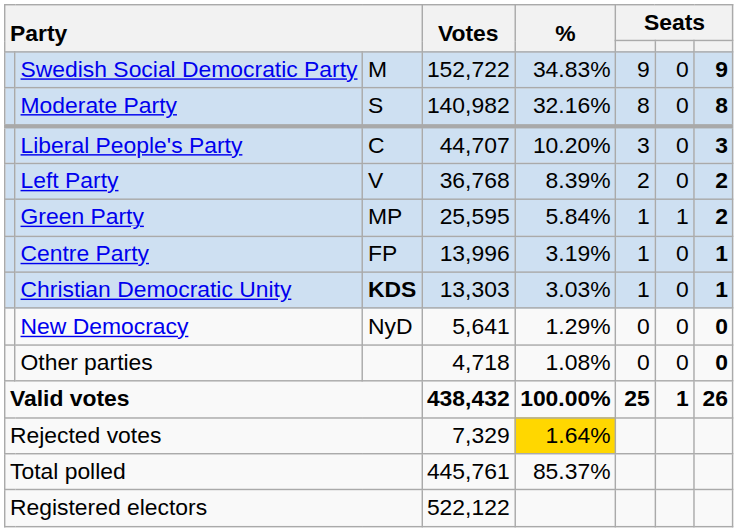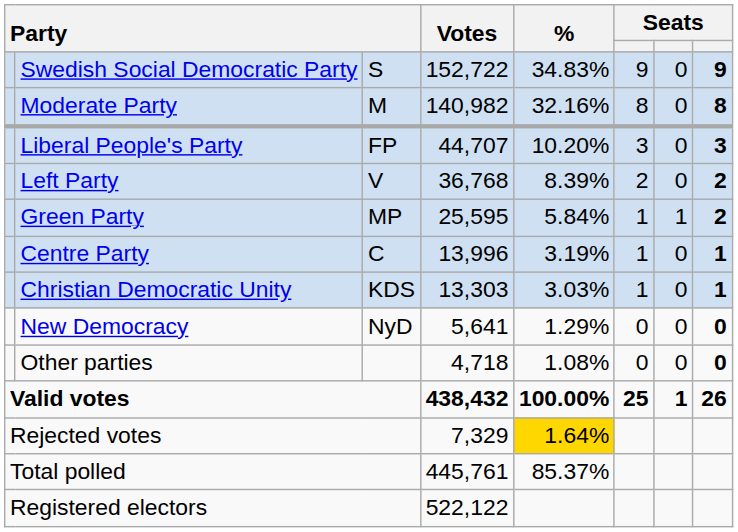 <table class="wikitable" border="1" style="text-align:right;">
 <tr>
 <th style="text-align:left;" valign=bottom rowspan=2 colspan=3>Party</th>
 <th align=center valign=bottom rowspan=2 width="50">Votes</th>
 <th align=center valign=bottom rowspan=2 width="50">%</th>
 <th colspan=3>Seats</th>
 </tr>
 <tr>
 <th align=center valign=bottom width="20"><small></small></th>
 <th align=center valign=bottom width="20"><small><a href='#'></a></small></th>
 <th align=center valign=bottom width="20"><small></small></th>
 </tr>
 <tr style="background:#CEE0F2;">
 <td></td>
 <td align=left style="white-space: nowrap;"><a href='#'>Swedish Social Democratic Party</a></td>
-<td align=left>M</td>
+<td align=left>S</td>
 <td>152,722</td>
 <td>34.83%</td>
 <td>9</td>
 <td>0</td>
 <td><strong>9</strong></td>
 </tr>
 <tr style="background:#CEE0F2;">
 <td></td>
 <td align=left><a href='#'>Moderate Party</a></td>
-<td align=left>S</td>
+<td align=left>M</td>
 <td>140,982</td>
 <td>32.16%</td>
 <td>8</td>
 <td>0</td>
 <td><strong>8</strong></td>
 </tr>
 <tr style="background:#CEE0F2; border-top:3px solid darkgray;">
 <td></td>
 <td align=left><a href='#'>Liberal People's Party</a></td>
-<td align=left>C</td>
+<td align=left>FP</td>
 <td>44,707</td>
 <td>10.20%</td>
 <td>3</td>
 <td>0</td>
 <td><strong>3</strong></td>
 </tr>
 <tr style="background:#CEE0F2;">
 <td></td>
 <td align=left><a href='#'>Left Party</a></td>
 <td align=left>V</td>
 <td>36,768</td>
 <td>8.39%</td>
 <td>2</td>
 <td>0</td>
 <td><strong>2</strong></td>
 </tr>
 <tr style="background:#CEE0F2;">
 <td></td>
 <td align=left><a href='#'>Green Party</a></td>
 <td align=left>MP</td>
 <td>25,595</td>
 <td>5.84%</td>
 <td>1</td>
 <td>1</td>
 <td><strong>2</strong></td>
 </tr>
 <tr style="background:#CEE0F2;">
 <td></td>
 <td align=left><a href='#'>Centre Party</a></td>
-<td align=left>FP</td>
+<td align=left>C</td>
 <td>13,996</td>
 <td>3.19%</td>
 <td>1</td>
 <td>0</td>
 <td><strong>1</strong></td>
 </tr>
 <tr style="background:#CEE0F2;">
 <td></td>
 <td align=left><a href='#'>Christian Democratic Unity</a></td>
-<td align=left><strong>KDS</strong></td>
+<td align=left>KDS</td>
 <td>13,303</td>
 <td>3.03%</td>
 <td>1</td>
 <td>0</td>
 <td><strong>1</strong></td>
 </tr>
 <tr>
 <td></td>
 <td align=left><a href='#'>New Democracy</a></td>
 <td align=left>NyD</td>
 <td>5,641</td>
 <td>1.29%</td>
 <td>0</td>
 <td>0</td>
 <td><strong>0</strong></td>
 </tr>
 <tr>
 <td></td>
 <td align=left>Other parties</td>
 <td></td>
 <td>4,718</td>
 <td>1.08%</td>
 <td>0</td>
 <td>0</td>
 <td><strong>0</strong></td>
 </tr>
 <tr style="font-weight:bold">
 <td align=left colspan=3>Valid votes</td>
 <td>438,432</td>
 <td>100.00%</td>
 <td>25</td>
 <td>1</td>
 <td>26</td>
 </tr>
 <tr>
 <td align=left colspan=3>Rejected votes</td>
 <td>7,329</td>
 <td style="background: gold;">1.64%</td>
 <td></td>
 <td></td>
 <td></td>
 </tr>
 <tr>
 <td align=left colspan=3>Total polled</td>
 <td>445,761</td>
 <td>85.37%</td>
 <td></td>
 <td></td>
 <td></td>
 </tr>
 <tr>
 <td align=left colspan=3>Registered electors</td>
 <td>522,122</td>
 <td></td>
 <td></td>
 <td></td>
 <td></td>
 </tr>
 </table>
